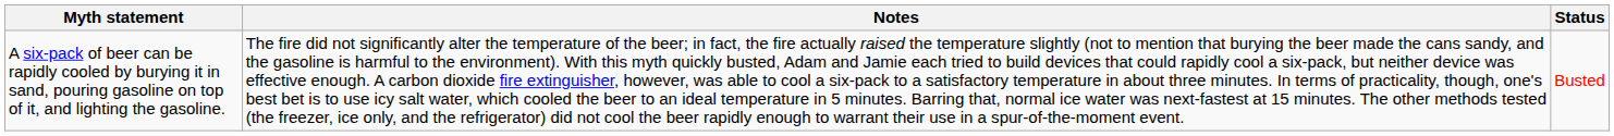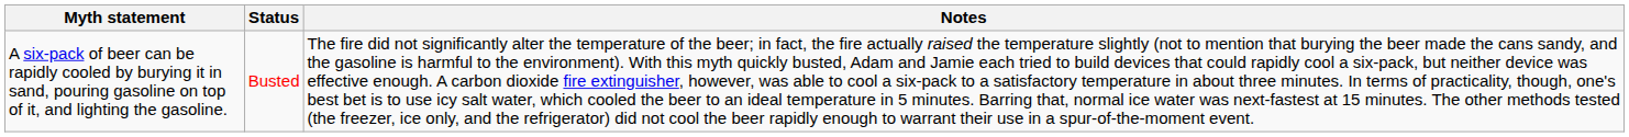 <table class="wikitable plainrowheaders">
 <tr>
 <th>Myth statement</th>
+<th>Status</th>
 <th>Notes</th>
-<th>Status</th>
 </tr>
 <tr>
 <td>A <a href='#'>six-pack</a> of beer can be rapidly cooled by burying it in sand, pouring gasoline on top of it, and lighting the gasoline.</td>
+<td style="color:red">Busted</td>
 <td>The fire did not significantly alter the temperature of the beer; in fact, the fire actually <em>raised</em> the temperature slightly (not to mention that burying the beer made the cans sandy, and the gasoline is harmful to the environment). With this myth quickly busted, Adam and Jamie each tried to build devices that could rapidly cool a six-pack, but neither device was effective enough. A carbon dioxide <a href='#'>fire extinguisher</a>, however, was able to cool a six-pack to a satisfactory temperature in about three minutes. In terms of practicality, though, one's best bet is to use icy salt water, which cooled the beer to an ideal temperature in 5 minutes. Barring that, normal ice water was next-fastest at 15 minutes. The other methods tested (the freezer, ice only, and the refrigerator) did not cool the beer rapidly enough to warrant their use in a spur-of-the-moment event.</td>
-<td style="color:red">Busted</td>
 </tr>
 </table>
